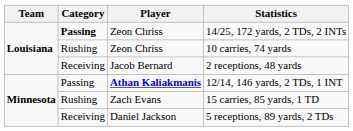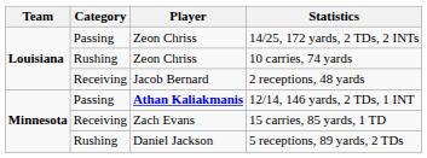 <table class="wikitable" style="float: left;">
 <tr>
 <th>Team</th>
 <th>Category</th>
 <th>Player</th>
 <th>Statistics</th>
 </tr>
 <tr>
 <td rowspan=3><strong>Louisiana</strong></td>
-<td><strong>Passing</strong></td>
+<td>Passing</td>
 <td>Zeon Chriss</td>
 <td>14/25, 172 yards, 2 TDs, 2 INTs</td>
 </tr>
 <tr>
 <td>Rushing</td>
 <td>Zeon Chriss</td>
 <td>10 carries, 74 yards</td>
 </tr>
 <tr>
 <td>Receiving</td>
 <td>Jacob Bernard</td>
 <td>2 receptions, 48 yards</td>
 </tr>
 <tr>
 <td rowspan=3><strong>Minnesota</strong></td>
 <td>Passing</td>
 <td><strong><a href='#'>Athan Kaliakmanis</a></strong></td>
 <td>12/14, 146 yards, 2 TDs, 1 INT</td>
 </tr>
 <tr>
-<td>Rushing</td>
+<td>Receiving</td>
 <td>Zach Evans</td>
 <td>15 carries, 85 yards, 1 TD</td>
 </tr>
 <tr>
-<td>Receiving</td>
+<td>Rushing</td>
 <td>Daniel Jackson</td>
 <td>5 receptions, 89 yards, 2 TDs</td>
 </tr>
 </table>
